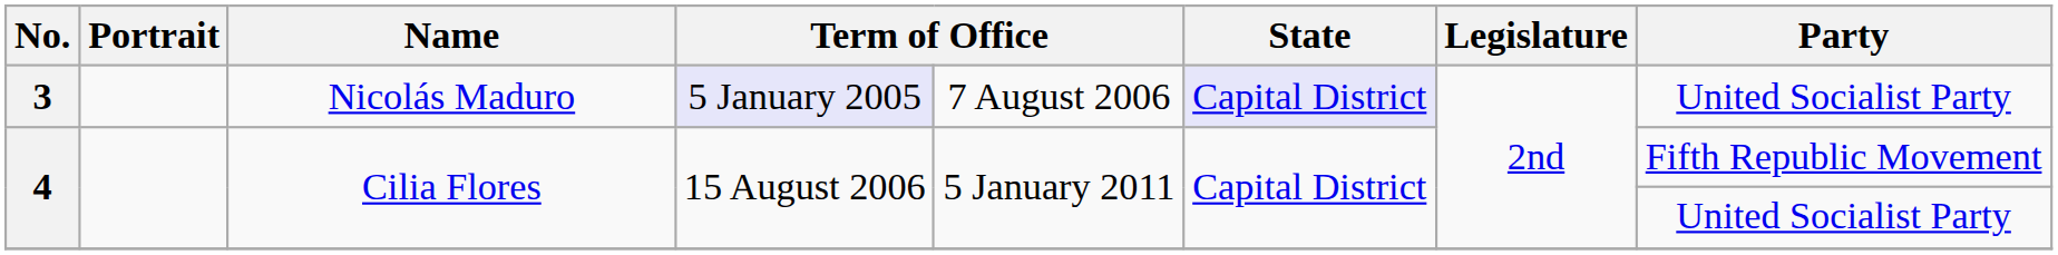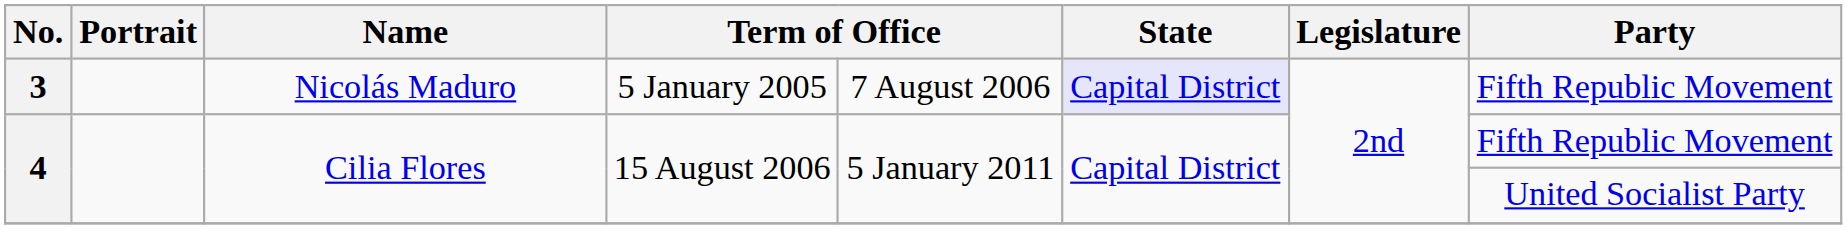 <table class="wikitable" style="text-align:center">
 <tr>
 <th>No.</th>
 <th>Portrait</th>
 <th width="180">Name</th>
 <th colspan="2">Term of Office</th>
 <th>State</th>
 <th>Legislature</th>
 <th>Party</th>
 </tr>
 <tr>
 <th style="background:">3</th>
 <td></td>
 <td><a href='#'>Nicolás Maduro</a></td>
-<td style="background: lavender;">5 January 2005</td>
+<td>5 January 2005</td>
 <td>7 August 2006</td>
 <td style="background: lavender;"><a href='#'>Capital District</a></td>
 <td rowspan="3"><a href='#'>2nd</a></td>
-<td><a href='#'>United Socialist Party</a></td>
+<td><a href='#'>Fifth Republic Movement</a></td>
 </tr>
 <tr>
 <th rowspan="2" style="background:">4</th>
 <td rowspan="2"></td>
 <td rowspan="2"><a href='#'>Cilia Flores</a></td>
 <td rowspan="2">15 August 2006</td>
 <td rowspan="2">5 January 2011</td>
 <td rowspan="2"><a href='#'>Capital District</a></td>
 <td><a href='#'>Fifth Republic Movement</a></td>
 </tr>
 <tr>
 <td><a href='#'>United Socialist Party</a></td>
 </tr>
 <tr>
 </tr>
 </table>
